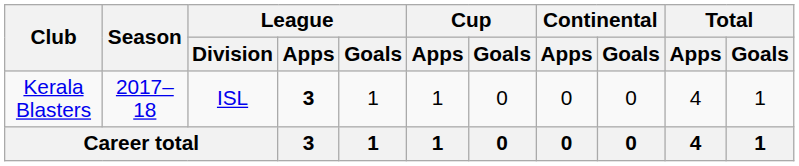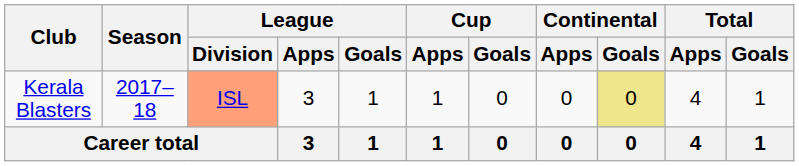 <table class="wikitable" style="text-align: center;">
 <tr>
 <th rowspan="2">Club</th>
 <th rowspan="2">Season</th>
 <th colspan="3">League</th>
 <th colspan="2">Cup</th>
 <th colspan="2">Continental</th>
 <th colspan="2">Total</th>
 </tr>
 <tr>
 <th>Division</th>
 <th>Apps</th>
 <th>Goals</th>
 <th>Apps</th>
 <th>Goals</th>
 <th>Apps</th>
 <th>Goals</th>
 <th>Apps</th>
 <th>Goals</th>
 </tr>
 <tr>
 <td rowspan="1"><a href='#'>Kerala Blasters</a></td>
 <td><a href='#'>2017–18</a></td>
-<td><a href='#'>ISL</a></td>
-<td><strong>3</strong></td>
+<td style="background: lightsalmon;"><a href='#'>ISL</a></td>
+<td>3</td>
 <td>1</td>
 <td>1</td>
 <td>0</td>
 <td>0</td>
-<td>0</td>
+<td style="background: khaki;">0</td>
 <td>4</td>
 <td>1</td>
 </tr>
 <tr>
 <th colspan="3">Career total</th>
 <th>3</th>
 <th>1</th>
 <th>1</th>
 <th>0</th>
 <th>0</th>
 <th>0</th>
 <th>4</th>
 <th>1</th>
 </tr>
 </table>
